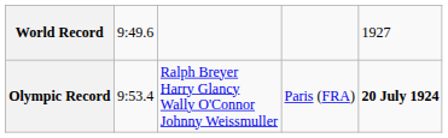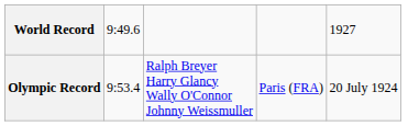 <table class="wikitable" style="text-align:left">
 <tr>
 <th>World Record</th>
 <td>9:49.6</td>
 <td> <br> <br> <br></td>
 <td></td>
 <td>1927</td>
 </tr>
 <tr>
 <th>Olympic Record</th>
 <td>9:53.4</td>
 <td> <a href='#'>Ralph Breyer</a><br> <a href='#'>Harry Glancy</a><br> <a href='#'>Wally O'Connor</a><br> <a href='#'>Johnny Weissmuller</a></td>
 <td><a href='#'>Paris</a> (<a href='#'>FRA</a>)</td>
-<td><strong>20 July 1924</strong></td>
+<td>20 July 1924</td>
 </tr>
 </table>
